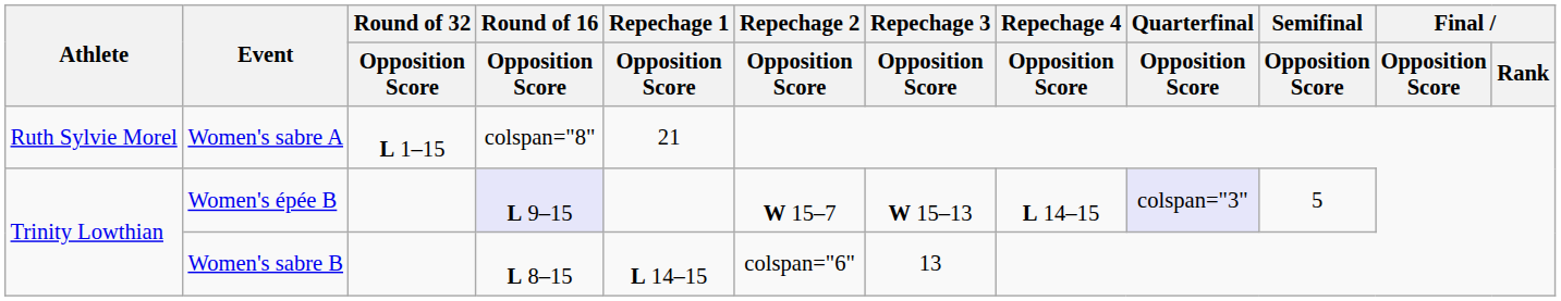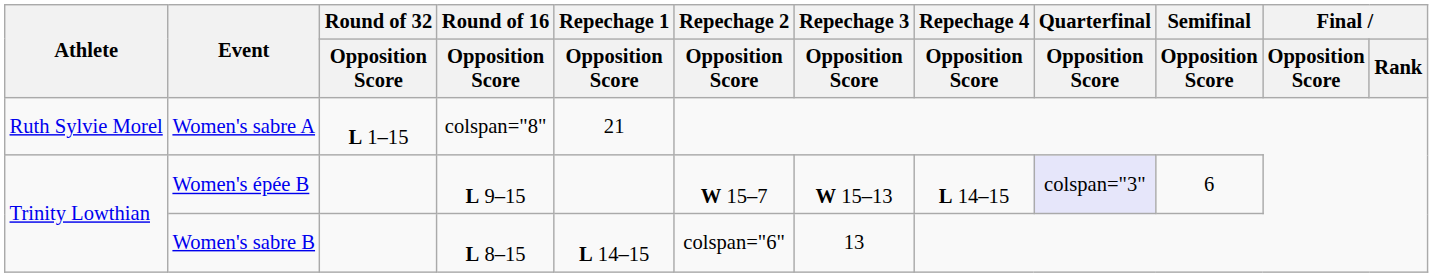 <table class=wikitable style="font-size:90%">
 <tr>
 <th rowspan="2">Athlete</th>
 <th rowspan="2">Event</th>
 <th>Round of 32</th>
 <th>Round of 16</th>
 <th>Repechage 1</th>
 <th>Repechage 2</th>
 <th>Repechage 3</th>
 <th>Repechage 4</th>
 <th>Quarterfinal</th>
 <th>Semifinal</th>
 <th colspan="2">Final / </th>
 </tr>
 <tr>
 <th>Opposition<br>Score</th>
 <th>Opposition<br>Score</th>
 <th>Opposition<br>Score</th>
 <th>Opposition<br>Score</th>
 <th>Opposition<br>Score</th>
 <th>Opposition<br>Score</th>
 <th>Opposition<br>Score</th>
 <th>Opposition<br>Score</th>
 <th>Opposition<br>Score</th>
 <th>Rank</th>
 </tr>
 <tr align=center>
 <td align=left><a href='#'>Ruth Sylvie Morel</a></td>
 <td align=left><a href='#'>Women's sabre A</a></td>
 <td><br><strong>L</strong> 1–15</td>
 <td>colspan="8"</td>
 <td>21</td>
 </tr>
 <tr align=center>
 <td align=left rowspan=2><a href='#'>Trinity Lowthian</a></td>
 <td align=left><a href='#'>Women's épée B</a></td>
 <td></td>
-<td style="background: lavender;"><br><strong>L</strong> 9–15</td>
+<td><br><strong>L</strong> 9–15</td>
 <td></td>
 <td><br><strong>W</strong> 15–7</td>
 <td><br><strong>W</strong> 15–13</td>
 <td><br><strong>L</strong> 14–15</td>
 <td style="background: lavender;">colspan="3" </td>
-<td>5</td>
+<td>6</td>
 </tr>
 <tr align=center>
 <td align=left><a href='#'>Women's sabre B</a></td>
 <td></td>
 <td><br><strong>L</strong> 8–15</td>
 <td><br><strong>L</strong> 14–15</td>
 <td>colspan="6"</td>
 <td>13</td>
 </tr>
 </table>
